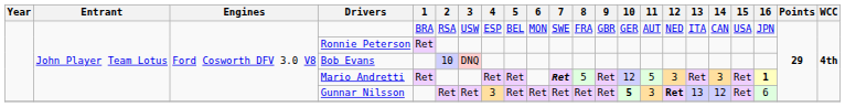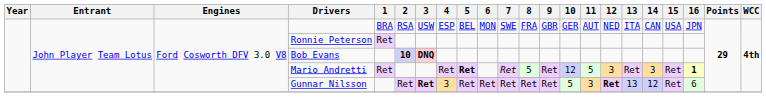 <table class="wikitable" style="text-align:center; font-size:95%">
 <tr>
 <th>Year</th>
 <th>Entrant</th>
 <th>Engines</th>
 <th>Drivers</th>
 <th>1</th>
 <th>2</th>
 <th>3</th>
 <th>4</th>
 <th>5</th>
 <th>6</th>
 <th>7</th>
 <th>8</th>
 <th>9</th>
 <th>10</th>
 <th>11</th>
 <th>12</th>
 <th>13</th>
 <th>14</th>
 <th>15</th>
 <th>16</th>
 <th>Points</th>
 <th>WCC</th>
 </tr>
 <tr>
 <td rowspan="5"></td>
 <td rowspan="5"><a href='#'>John Player</a> <a href='#'>Team Lotus</a></td>
 <td rowspan="5"><a href='#'>Ford</a> <a href='#'>Cosworth DFV</a> 3.0 <a href='#'>V8</a></td>
 <td></td>
 <td><a href='#'>BRA</a></td>
 <td><a href='#'>RSA</a></td>
 <td><a href='#'>USW</a></td>
 <td><a href='#'>ESP</a></td>
 <td><a href='#'>BEL</a></td>
 <td><a href='#'>MON</a></td>
 <td><a href='#'>SWE</a></td>
 <td><a href='#'>FRA</a></td>
 <td><a href='#'>GBR</a></td>
 <td><a href='#'>GER</a></td>
 <td><a href='#'>AUT</a></td>
 <td><a href='#'>NED</a></td>
 <td><a href='#'>ITA</a></td>
 <td><a href='#'>CAN</a></td>
 <td><a href='#'>USA</a></td>
 <td><a href='#'>JPN</a></td>
 <td rowspan="5"><strong>29</strong></td>
 <td rowspan="5"><strong>4th</strong></td>
 </tr>
 <tr>
 <td align="left"><a href='#'>Ronnie Peterson</a></td>
 <td style="background:#EFCFFF;">Ret</td>
 <td></td>
 <td></td>
 <td></td>
 <td></td>
 <td></td>
 <td></td>
 <td></td>
 <td></td>
 <td></td>
 <td></td>
 <td></td>
 <td></td>
 <td></td>
 <td></td>
 <td></td>
 </tr>
 <tr>
 <td align="left"><a href='#'>Bob Evans</a></td>
 <td></td>
-<td style="background:#CFCFFF;">10</td>
-<td style="background:#FFCFCF;">DNQ</td>
+<td style="background:#CFCFFF;"><strong>10</strong></td>
+<td style="background:#FFCFCF;"><strong>DNQ</strong></td>
 <td></td>
 <td></td>
 <td></td>
 <td></td>
 <td></td>
 <td></td>
 <td></td>
 <td></td>
 <td></td>
 <td></td>
 <td></td>
 <td></td>
 <td></td>
 </tr>
 <tr>
 <td align="left"><a href='#'>Mario Andretti</a></td>
 <td style="background:#EFCFFF;">Ret</td>
 <td></td>
 <td></td>
 <td style="background:#EFCFFF;">Ret</td>
-<td style="background:#EFCFFF;">Ret</td>
+<td style="background:#EFCFFF;"><strong>Ret</strong></td>
 <td></td>
-<td style="background:#EFCFFF;"><strong><em>Ret</em></strong></td>
+<td style="background:#EFCFFF;"><em>Ret</em></td>
 <td style="background:#DFFFDF;">5</td>
 <td style="background:#EFCFFF;">Ret</td>
 <td style="background:#CFCFFF;">12</td>
 <td style="background:#DFFFDF;">5</td>
 <td style="background:#FFDF9F;">3</td>
 <td style="background:#EFCFFF;">Ret</td>
 <td style="background:#FFDF9F;">3</td>
 <td style="background:#EFCFFF;">Ret</td>
 <td style="background:#FFFFBF;"><strong>1</strong></td>
 </tr>
 <tr>
 <td align="left"><a href='#'>Gunnar Nilsson</a></td>
 <td></td>
 <td style="background:#EFCFFF;">Ret</td>
-<td style="background:#EFCFFF;">Ret</td>
+<td style="background:#EFCFFF;"><strong>Ret</strong></td>
 <td style="background:#FFDF9F;">3</td>
 <td style="background:#EFCFFF;">Ret</td>
 <td style="background:#EFCFFF;">Ret</td>
 <td style="background:#EFCFFF;">Ret</td>
 <td style="background:#EFCFFF;">Ret</td>
 <td style="background:#EFCFFF;">Ret</td>
-<td style="background:#DFFFDF;"><strong>5</strong></td>
+<td style="background:#DFFFDF;">5</td>
 <td style="background:#FFDF9F;">3</td>
 <td style="background:#EFCFFF;"><strong>Ret</strong></td>
 <td style="background:#CFCFFF;">13</td>
 <td style="background:#CFCFFF;">12</td>
 <td style="background:#EFCFFF;">Ret</td>
 <td style="background:#DFFFDF;">6</td>
 </tr>
 <tr>
 </tr>
 </table>
